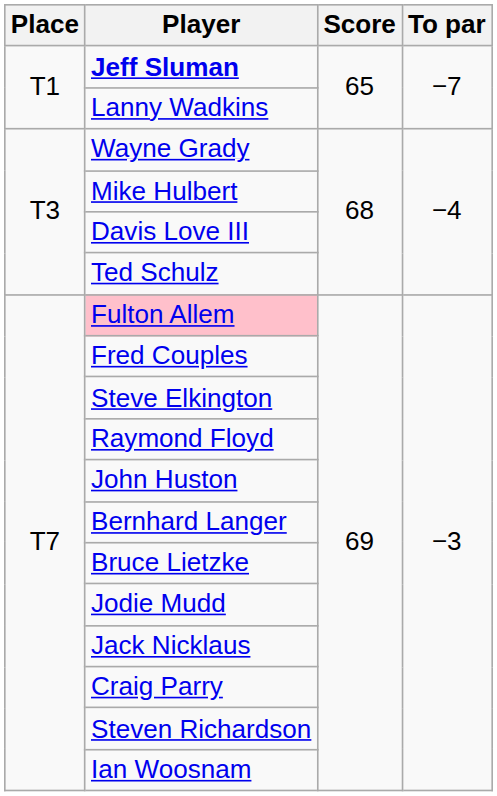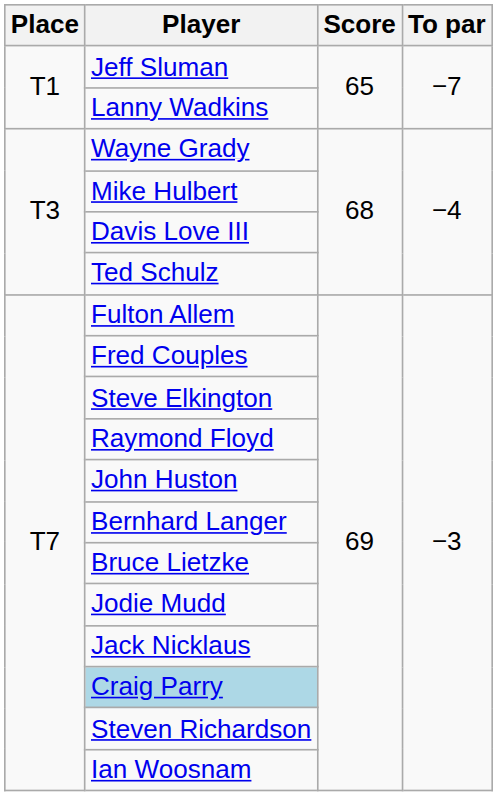 <table class="wikitable">
 <tr>
 <th>Place</th>
 <th>Player</th>
 <th>Score</th>
 <th>To par</th>
 </tr>
 <tr>
 <td rowspan="2" align=center>T1</td>
-<td><strong> <a href='#'>Jeff Sluman</a></strong></td>
+<td> <a href='#'>Jeff Sluman</a></td>
 <td rowspan="2" align=center>65</td>
 <td rowspan="2" align=center>−7</td>
 </tr>
 <tr>
 <td> <a href='#'>Lanny Wadkins</a></td>
 </tr>
 <tr>
 <td rowspan="4" align=center>T3</td>
 <td> <a href='#'>Wayne Grady</a></td>
 <td rowspan="4" align=center>68</td>
 <td rowspan="4" align=center>−4</td>
 </tr>
 <tr>
 <td> <a href='#'>Mike Hulbert</a></td>
 </tr>
 <tr>
 <td> <a href='#'>Davis Love III</a></td>
 </tr>
 <tr>
 <td> <a href='#'>Ted Schulz</a></td>
 </tr>
 <tr>
 <td rowspan="12" align=center>T7</td>
-<td style="background: pink;"> <a href='#'>Fulton Allem</a></td>
+<td> <a href='#'>Fulton Allem</a></td>
 <td rowspan="12" align=center>69</td>
 <td rowspan="12" align=center>−3</td>
 </tr>
 <tr>
 <td> <a href='#'>Fred Couples</a></td>
 </tr>
 <tr>
 <td> <a href='#'>Steve Elkington</a></td>
 </tr>
 <tr>
 <td> <a href='#'>Raymond Floyd</a></td>
 </tr>
 <tr>
 <td> <a href='#'>John Huston</a></td>
 </tr>
 <tr>
 <td> <a href='#'>Bernhard Langer</a></td>
 </tr>
 <tr>
 <td> <a href='#'>Bruce Lietzke</a></td>
 </tr>
 <tr>
 <td> <a href='#'>Jodie Mudd</a></td>
 </tr>
 <tr>
 <td> <a href='#'>Jack Nicklaus</a></td>
 </tr>
 <tr>
-<td> <a href='#'>Craig Parry</a></td>
+<td style="background: lightblue;"> <a href='#'>Craig Parry</a></td>
 </tr>
 <tr>
 <td> <a href='#'>Steven Richardson</a></td>
 </tr>
 <tr>
 <td> <a href='#'>Ian Woosnam</a></td>
 </tr>
 </table>
